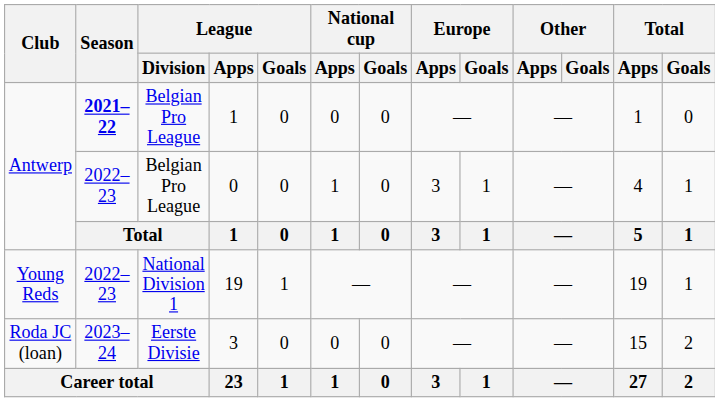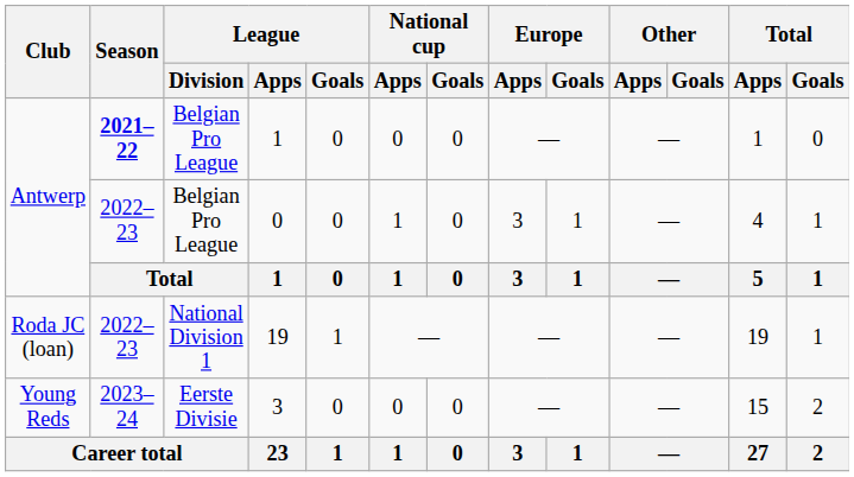 <table class="wikitable" style="text-align:center">
 <tr>
 <th rowspan="2">Club</th>
 <th rowspan="2">Season</th>
 <th colspan="3">League</th>
 <th colspan="2">National cup</th>
 <th colspan="2">Europe</th>
 <th colspan="2">Other</th>
 <th colspan="2">Total</th>
 </tr>
 <tr>
 <th>Division</th>
 <th>Apps</th>
 <th>Goals</th>
 <th>Apps</th>
 <th>Goals</th>
 <th>Apps</th>
 <th>Goals</th>
 <th>Apps</th>
 <th>Goals</th>
 <th>Apps</th>
 <th>Goals</th>
 </tr>
 <tr>
 <td rowspan="3"><a href='#'>Antwerp</a></td>
 <td><strong><a href='#'>2021–22</a></strong></td>
 <td><a href='#'>Belgian Pro League</a></td>
 <td>1</td>
 <td>0</td>
 <td>0</td>
 <td>0</td>
 <td colspan="2">—</td>
 <td colspan="2">—</td>
 <td>1</td>
 <td>0</td>
 </tr>
 <tr>
 <td><a href='#'>2022–23</a></td>
 <td>Belgian Pro League</td>
 <td>0</td>
 <td>0</td>
 <td>1</td>
 <td>0</td>
 <td>3</td>
 <td>1</td>
 <td colspan="2">—</td>
 <td>4</td>
 <td>1</td>
 </tr>
 <tr>
 <th colspan="2">Total</th>
 <th>1</th>
 <th>0</th>
 <th>1</th>
 <th>0</th>
 <th>3</th>
 <th>1</th>
 <th colspan="2">—</th>
 <th>5</th>
 <th>1</th>
 </tr>
 <tr>
-<td><a href='#'>Young Reds</a></td>
+<td><a href='#'>Roda JC</a> (loan)</td>
 <td><a href='#'>2022–23</a></td>
 <td><a href='#'>National Division 1</a></td>
 <td>19</td>
 <td>1</td>
 <td colspan="2">—</td>
 <td colspan="2">—</td>
 <td colspan="2">—</td>
 <td>19</td>
 <td>1</td>
 </tr>
 <tr>
-<td><a href='#'>Roda JC</a> (loan)</td>
+<td><a href='#'>Young Reds</a></td>
 <td><a href='#'>2023–24</a></td>
 <td><a href='#'>Eerste Divisie</a></td>
 <td>3</td>
 <td>0</td>
 <td>0</td>
 <td>0</td>
 <td colspan="2">—</td>
 <td colspan="2">—</td>
 <td>15</td>
 <td>2</td>
 </tr>
 <tr>
 <th colspan="3">Career total</th>
 <th>23</th>
 <th>1</th>
 <th>1</th>
 <th>0</th>
 <th>3</th>
 <th>1</th>
 <th colspan="2">—</th>
 <th>27</th>
 <th>2</th>
 </tr>
 </table>
